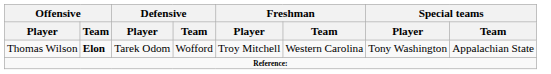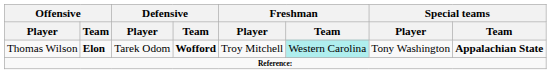 <table class="wikitable" border="1">
 <tr>
 <th colspan="2">Offensive</th>
 <th colspan="2">Defensive</th>
 <th colspan="2">Freshman</th>
 <th colspan="2">Special teams</th>
 </tr>
 <tr>
 <th>Player</th>
 <th>Team</th>
 <th>Player</th>
 <th>Team</th>
 <th>Player</th>
 <th>Team</th>
 <th>Player</th>
 <th>Team</th>
 </tr>
 <tr>
 <td>Thomas Wilson</td>
 <td><strong>Elon</strong></td>
 <td>Tarek Odom</td>
-<td>Wofford</td>
+<td><strong>Wofford</strong></td>
 <td>Troy Mitchell</td>
-<td>Western Carolina</td>
+<td style="background: paleturquoise;">Western Carolina</td>
 <td>Tony Washington</td>
-<td>Appalachian State</td>
+<td><strong>Appalachian State</strong></td>
 </tr>
 <tr>
 <td colspan="8" style="font-size: 8pt" align="center"><strong>Reference:</strong></td>
 </tr>
 </table>
